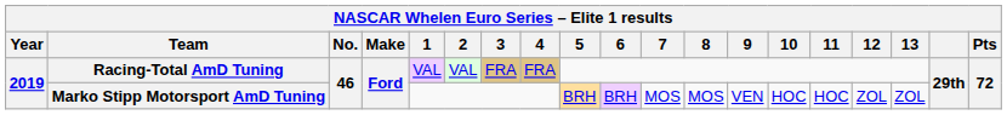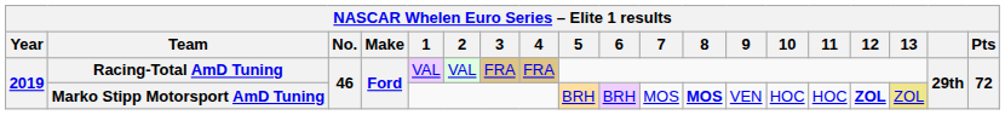 <table class="wikitable" style="text-align:center; font-size:75%">
 <tr>
 <th colspan=21><a href='#'>NASCAR Whelen Euro Series</a> – Elite 1 results</th>
 </tr>
 <tr>
 <th>Year</th>
 <th>Team</th>
 <th>No.</th>
 <th>Make</th>
 <th>1</th>
 <th>2</th>
 <th>3</th>
 <th>4</th>
 <th>5</th>
 <th>6</th>
 <th>7</th>
 <th>8</th>
 <th>9</th>
 <th>10</th>
 <th>11</th>
 <th>12</th>
 <th>13</th>
 <th></th>
 <th>Pts</th>
 </tr>
 <tr>
 <th rowspan=2><a href='#'>2019</a></th>
 <th nowrap>Racing-Total <a href='#'>AmD Tuning</a></th>
 <th rowspan=2>46</th>
 <th rowspan=2><a href='#'>Ford</a></th>
 <td style="background-color:#EFCFFF"><a href='#'>VAL</a><br></td>
 <td style="background-color:#DFFFDF"><a href='#'>VAL</a><br></td>
 <td style="background-color:#DFC484"><a href='#'>FRA</a><br></td>
 <td style="background-color:#DFC484"><a href='#'>FRA</a><br></td>
 <td colspan=9></td>
 <th rowspan=2>29th</th>
 <th rowspan=2>72</th>
 </tr>
 <tr>
 <th nowrap>Marko Stipp Motorsport <a href='#'>AmD Tuning</a></th>
 <td colspan=4></td>
 <td style="background:#FFDF9F"><a href='#'>BRH</a><br></td>
 <td style="background-color:#EFCFFF"><a href='#'>BRH</a><br></td>
 <td><a href='#'>MOS</a><br></td>
-<td><a href='#'>MOS</a><br></td>
+<td><strong><a href='#'>MOS</a><br></strong></td>
 <td><a href='#'>VEN</a><br></td>
 <td><a href='#'>HOC</a><br></td>
 <td><a href='#'>HOC</a><br></td>
-<td><a href='#'>ZOL</a><br></td>
-<td><a href='#'>ZOL</a><br></td>
+<td><strong><a href='#'>ZOL</a><br></strong></td>
+<td style="background: khaki;"><a href='#'>ZOL</a><br></td>
 </tr>
 </table>
